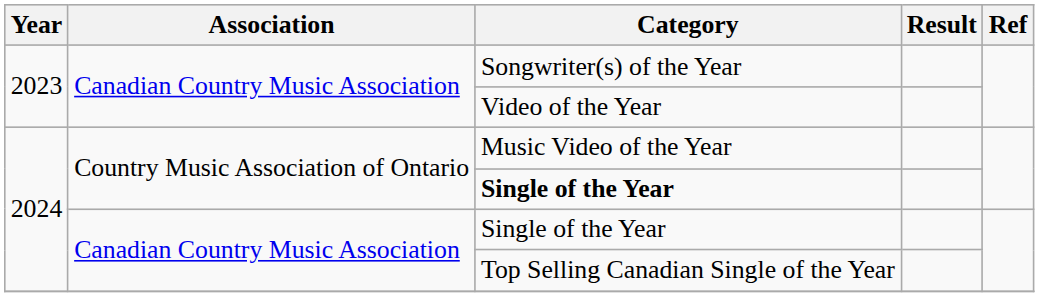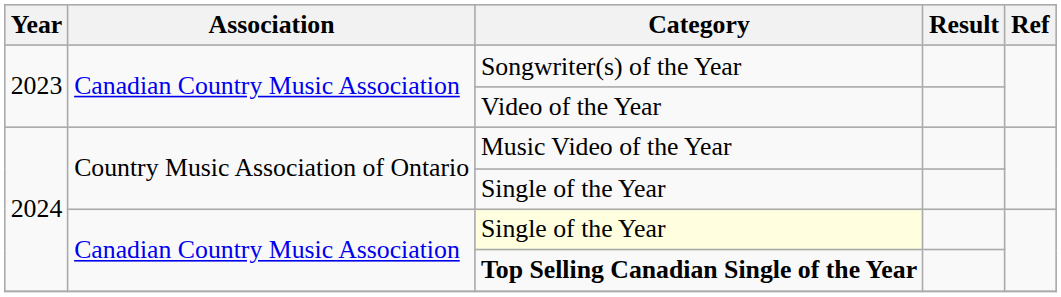 <table class="wikitable">
 <tr>
 <th>Year</th>
 <th>Association</th>
 <th>Category</th>
 <th>Result</th>
 <th>Ref</th>
 </tr>
 <tr>
 <td rowspan="2">2023</td>
 <td rowspan="2"><a href='#'>Canadian Country Music Association</a></td>
 <td>Songwriter(s) of the Year</td>
 <td></td>
 <td rowspan="2"></td>
 </tr>
 <tr>
 <td>Video of the Year</td>
 <td></td>
 </tr>
 <tr>
 <td rowspan="4">2024</td>
 <td rowspan="2">Country Music Association of Ontario</td>
 <td>Music Video of the Year</td>
 <td></td>
 <td rowspan="2"></td>
 </tr>
 <tr>
-<td><strong>Single of the Year</strong></td>
+<td>Single of the Year</td>
 <td></td>
 </tr>
 <tr>
 <td rowspan="2"><a href='#'>Canadian Country Music Association</a></td>
-<td>Single of the Year</td>
+<td style="background: lightyellow;">Single of the Year</td>
 <td></td>
 <td rowspan="2"><br></td>
 </tr>
 <tr>
-<td>Top Selling Canadian Single of the Year</td>
+<td><strong>Top Selling Canadian Single of the Year</strong></td>
 <td></td>
 </tr>
 <tr>
 </tr>
 </table>
